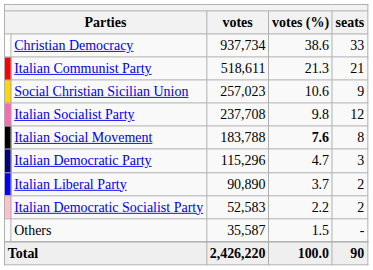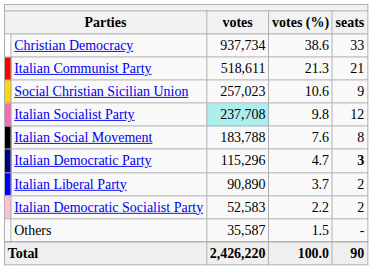 <table class="wikitable" style="font-size:95%">
 <tr>
 <th colspan=5></th>
 </tr>
 <tr bgcolor="EFEFEF">
 <th Colspan=2>Parties</th>
 <th>votes</th>
 <th>votes (%)</th>
 <th>seats</th>
 </tr>
 <tr>
 <td bgcolor=White></td>
 <td><a href='#'>Christian Democracy</a></td>
 <td align=right>937,734</td>
 <td align=right>38.6</td>
 <td align=right>33</td>
 </tr>
 <tr>
 <td bgcolor=Red></td>
 <td><a href='#'>Italian Communist Party</a></td>
 <td align=right>518,611</td>
 <td align=right>21.3</td>
 <td align=right>21</td>
 </tr>
 <tr>
 <td bgcolor=gold></td>
 <td><a href='#'>Social Christian Sicilian Union</a></td>
 <td align=right>257,023</td>
 <td align=right>10.6</td>
 <td align=right>9</td>
 </tr>
 <tr>
 <td bgcolor=Hotpink></td>
 <td><a href='#'>Italian Socialist Party</a></td>
-<td align=right>237,708</td>
+<td align=right style="background: paleturquoise;">237,708</td>
 <td align=right>9.8</td>
 <td align=right>12</td>
 </tr>
 <tr>
 <td bgcolor=Black></td>
 <td><a href='#'>Italian Social Movement</a></td>
 <td align=right>183,788</td>
-<td align=right><strong>7.6</strong></td>
+<td align=right>7.6</td>
 <td align=right>8</td>
 </tr>
 <tr>
 <td bgcolor=Navy></td>
 <td><a href='#'>Italian Democratic Party</a></td>
 <td align=right>115,296</td>
 <td align=right>4.7</td>
-<td align=right>3</td>
+<td align=right><strong>3</strong></td>
 </tr>
 <tr>
 <td bgcolor=Blue></td>
 <td><a href='#'>Italian Liberal Party</a></td>
 <td align=right>90,890</td>
 <td align=right>3.7</td>
 <td align=right>2</td>
 </tr>
 <tr>
 <td bgcolor=Pink></td>
 <td><a href='#'>Italian Democratic Socialist Party</a></td>
 <td align=right>52,583</td>
 <td align=right>2.2</td>
 <td align=right>2</td>
 </tr>
 <tr>
 <td bgcolor=></td>
 <td>Others</td>
 <td align=right>35,587</td>
 <td align=right>1.5</td>
 <td align=right>-</td>
 </tr>
 <tr>
 </tr>
 <tr bgcolor="EFEFEF">
 <td colspan=2><strong>Total</strong></td>
 <td align=right><strong>2,426,220</strong></td>
 <td align=right><strong>100.0</strong></td>
 <td align=right><strong>90</strong></td>
 </tr>
 </table>
